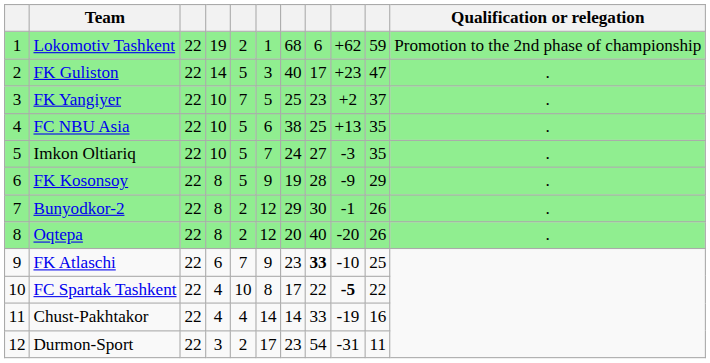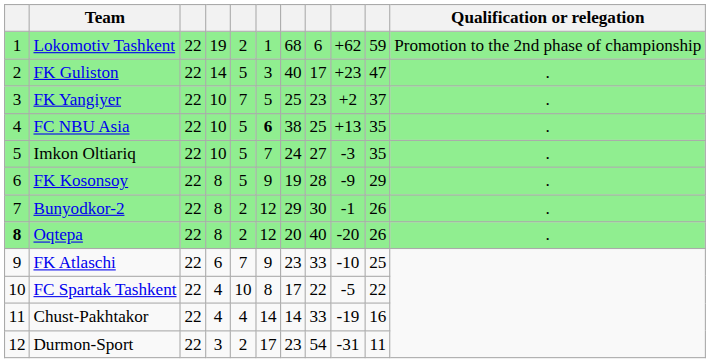 <table class="wikitable sortable" style="text-align:center; font-size:100%;">
 <tr>
 <th></th>
 <th>Team</th>
 <th></th>
 <th></th>
 <th></th>
 <th></th>
 <th></th>
 <th></th>
 <th></th>
 <th></th>
 <th>Qualification or relegation</th>
 </tr>
 <tr align="center" bgcolor="#90EE90">
 <td>1</td>
 <td align="left"><a href='#'>Lokomotiv Tashkent</a></td>
 <td>22</td>
 <td>19</td>
 <td>2</td>
 <td>1</td>
 <td>68</td>
 <td>6</td>
 <td>+62</td>
 <td>59</td>
 <td>Promotion to the 2nd phase of championship</td>
 </tr>
 <tr align="center" bgcolor="#90EE90">
 <td>2</td>
 <td align="left"><a href='#'>FK Guliston</a></td>
 <td>22</td>
 <td>14</td>
 <td>5</td>
 <td>3</td>
 <td>40</td>
 <td>17</td>
 <td>+23</td>
 <td>47</td>
 <td>.</td>
 </tr>
 <tr align="center" bgcolor="#90EE90">
 <td>3</td>
 <td align="left"><a href='#'>FK Yangiyer</a></td>
 <td>22</td>
 <td>10</td>
 <td>7</td>
 <td>5</td>
 <td>25</td>
 <td>23</td>
 <td>+2</td>
 <td>37</td>
 <td>.</td>
 </tr>
 <tr align="center" bgcolor="#90EE90">
 <td>4</td>
 <td align="left"><a href='#'>FC NBU Asia</a></td>
 <td>22</td>
 <td>10</td>
 <td>5</td>
-<td>6</td>
+<td><strong>6</strong></td>
 <td>38</td>
 <td>25</td>
 <td>+13</td>
 <td>35</td>
 <td>.</td>
 </tr>
 <tr align="center" bgcolor="#90EE90">
 <td>5</td>
 <td align="left">Imkon Oltiariq</td>
 <td>22</td>
 <td>10</td>
 <td>5</td>
 <td>7</td>
 <td>24</td>
 <td>27</td>
 <td>-3</td>
 <td>35</td>
 <td>.</td>
 </tr>
 <tr align="center" bgcolor="#90EE90">
 <td>6</td>
 <td align="left"><a href='#'>FK Kosonsoy</a></td>
 <td>22</td>
 <td>8</td>
 <td>5</td>
 <td>9</td>
 <td>19</td>
 <td>28</td>
 <td>-9</td>
 <td>29</td>
 <td>.</td>
 </tr>
 <tr align="center" bgcolor="#90EE90">
 <td>7</td>
 <td align="left"><a href='#'>Bunyodkor-2</a></td>
 <td>22</td>
 <td>8</td>
 <td>2</td>
 <td>12</td>
 <td>29</td>
 <td>30</td>
 <td>-1</td>
 <td>26</td>
 <td>.</td>
 </tr>
 <tr align="center" bgcolor="#90EE90">
-<td>8</td>
+<td><strong>8</strong></td>
 <td align="left"><a href='#'>Oqtepa</a></td>
 <td>22</td>
 <td>8</td>
 <td>2</td>
 <td>12</td>
 <td>20</td>
 <td>40</td>
 <td>-20</td>
 <td>26</td>
 <td>.</td>
 </tr>
 <tr align="center" bgcolor="">
 <td>9</td>
 <td align="left"><a href='#'>FK Atlaschi</a></td>
 <td>22</td>
 <td>6</td>
 <td>7</td>
 <td>9</td>
 <td>23</td>
-<td><strong>33</strong></td>
+<td>33</td>
 <td>-10</td>
 <td>25</td>
 </tr>
 <tr align="center" bgcolor="">
 <td>10</td>
 <td align="left"><a href='#'>FC Spartak Tashkent</a></td>
 <td>22</td>
 <td>4</td>
 <td>10</td>
 <td>8</td>
 <td>17</td>
 <td>22</td>
-<td><strong>-5</strong></td>
+<td>-5</td>
 <td>22</td>
 </tr>
 <tr align="center" bgcolor="">
 <td>11</td>
 <td align="left">Chust-Pakhtakor</td>
 <td>22</td>
 <td>4</td>
 <td>4</td>
 <td>14</td>
 <td>14</td>
 <td>33</td>
 <td>-19</td>
 <td>16</td>
 </tr>
 <tr align="center" bgcolor="">
 <td>12</td>
 <td align="left">Durmon-Sport</td>
 <td>22</td>
 <td>3</td>
 <td>2</td>
 <td>17</td>
 <td>23</td>
 <td>54</td>
 <td>-31</td>
 <td>11</td>
 </tr>
 </table>
